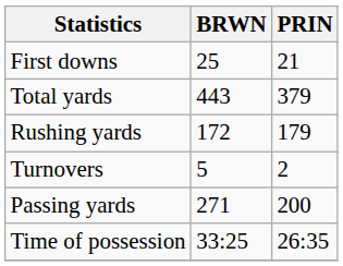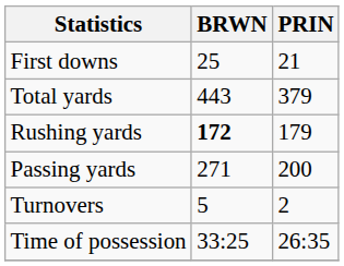 <table class="wikitable" style="float: left;">
 <tr>
 <th>Statistics</th>
 <th>BRWN</th>
 <th>PRIN</th>
 </tr>
 <tr>
 <td>First downs</td>
 <td>25</td>
 <td>21</td>
 </tr>
 <tr>
 <td>Total yards</td>
 <td>443</td>
 <td>379</td>
 </tr>
 <tr>
 <td>Rushing yards</td>
-<td>172</td>
+<td><strong>172</strong></td>
 <td>179</td>
+</tr>
+<tr>
+<td>Passing yards</td>
+<td>271</td>
+<td>200</td>
 </tr>
 <tr>
 <td>Turnovers</td>
 <td>5</td>
 <td>2</td>
-</tr>
-<tr>
-<td>Passing yards</td>
-<td>271</td>
-<td>200</td>
 </tr>
 <tr>
 <td>Time of possession</td>
 <td>33:25</td>
 <td>26:35</td>
 </tr>
 <tr>
 </tr>
 </table>
